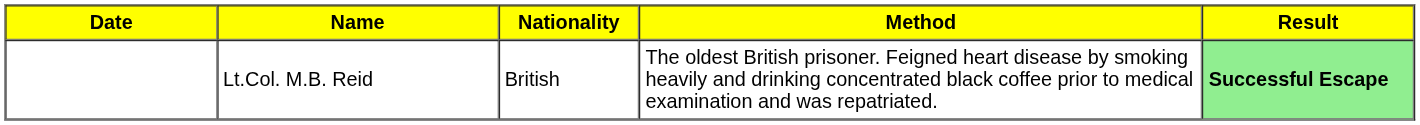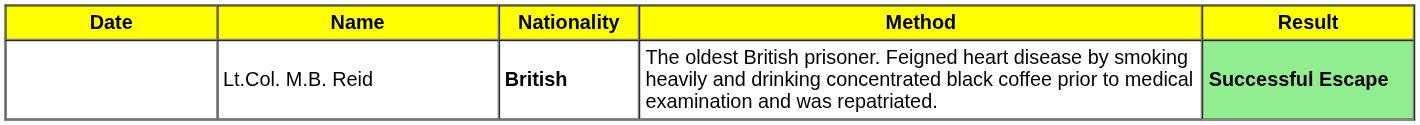 <table border="1" cellspacing="0" cellpadding="4" align="center" width="90%">
 <tr style="background-color:yellow; color:black">
 <th>Date</th>
 <th>Name</th>
 <th>Nationality</th>
 <th>Method</th>
 <th>Result</th>
 </tr>
 <tr>
 <td width="15%"></td>
 <td width="20%">Lt.Col. M.B. Reid</td>
-<td width="10%">British</td>
+<td width="10%"><strong>British</strong></td>
 <td width="40%">The oldest British prisoner. Feigned heart disease by smoking heavily and drinking concentrated black coffee prior to medical examination and was repatriated.</td>
 <td width="15%" style="background-color:lightgreen"><strong>Successful Escape</strong><br></td>
 </tr>
 <tr>
 </tr>
 </table>
